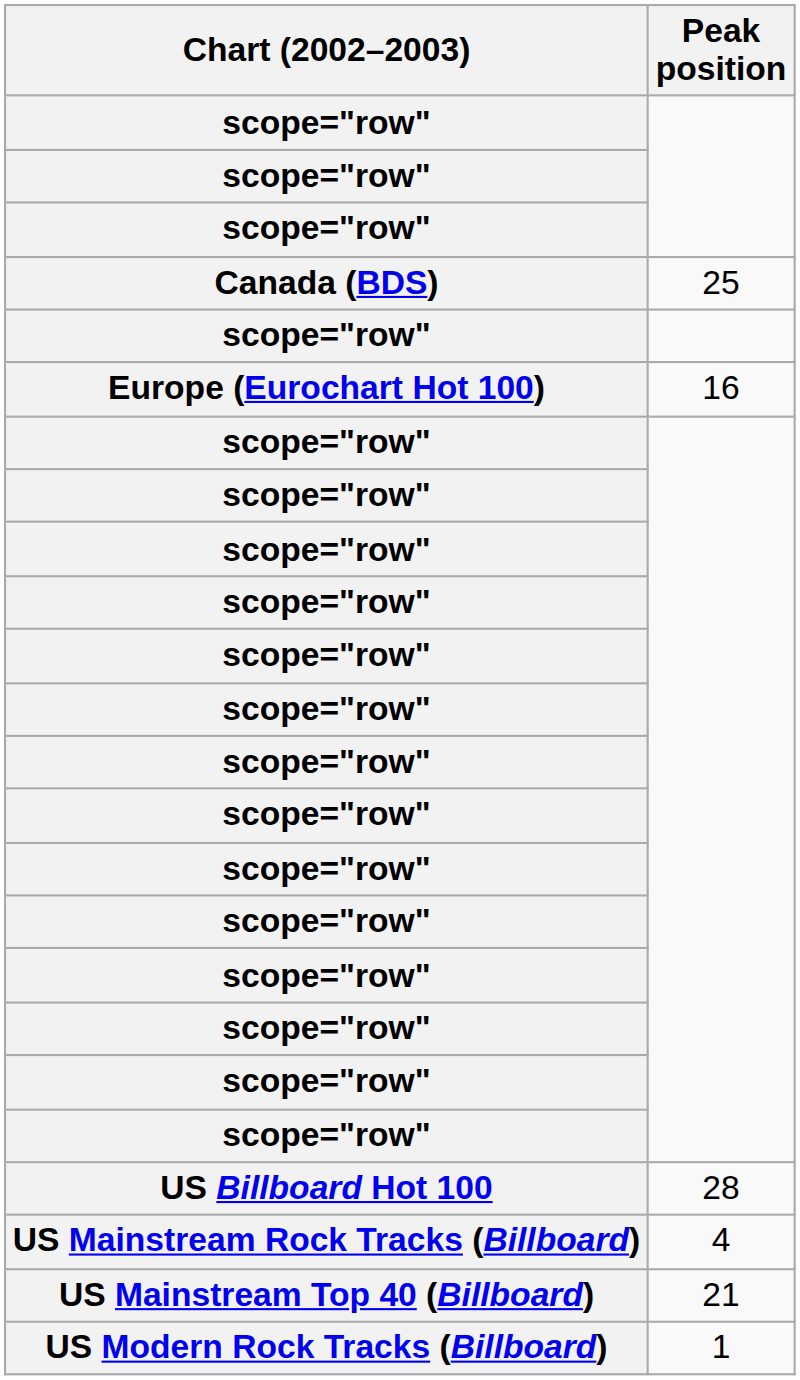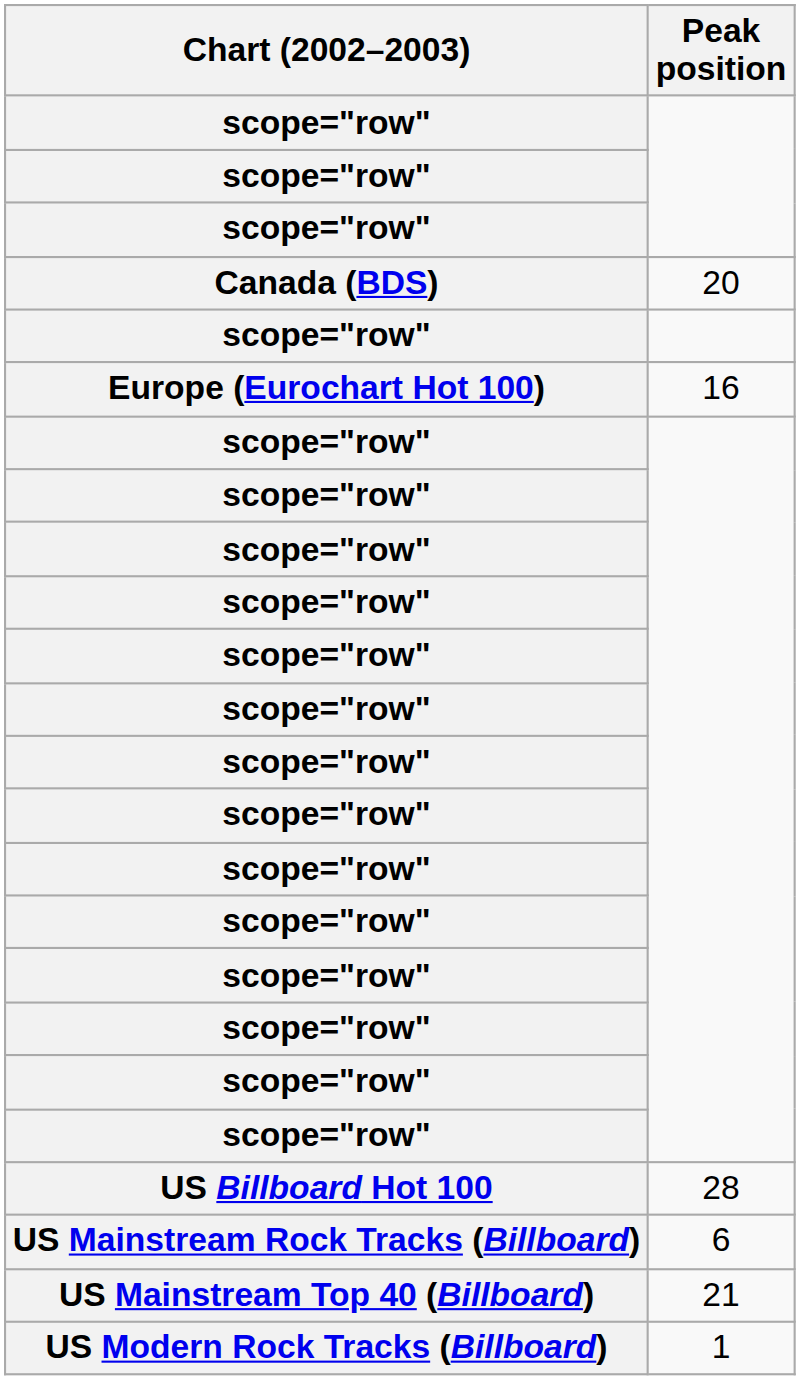 <table class="wikitable sortable plainrowheaders" style="text-align:center">
 <tr>
 <th scope="col">Chart (2002–2003)</th>
 <th scope="col">Peak<br>position</th>
 </tr>
 <tr>
 <th>scope="row"</th>
 </tr>
 <tr>
 <th>scope="row"</th>
 </tr>
 <tr>
 <th>scope="row"</th>
 </tr>
 <tr>
 <th scope="row">Canada (<a href='#'>BDS</a>)</th>
-<td>25</td>
+<td>20</td>
 </tr>
 <tr>
 <th>scope="row"</th>
 </tr>
 <tr>
 <th scope="row">Europe (<a href='#'>Eurochart Hot 100</a>)</th>
 <td>16</td>
 </tr>
 <tr>
 <th>scope="row"</th>
 </tr>
 <tr>
 <th>scope="row"</th>
 </tr>
 <tr>
 <th>scope="row"</th>
 </tr>
 <tr>
 <th>scope="row"</th>
 </tr>
 <tr>
 <th>scope="row"</th>
 </tr>
 <tr>
 <th>scope="row"</th>
 </tr>
 <tr>
 <th>scope="row"</th>
 </tr>
 <tr>
 <th>scope="row"</th>
 </tr>
 <tr>
 <th>scope="row"</th>
 </tr>
 <tr>
 <th>scope="row"</th>
 </tr>
 <tr>
 <th>scope="row"</th>
 </tr>
 <tr>
 <th>scope="row"</th>
 </tr>
 <tr>
 <th>scope="row"</th>
 </tr>
 <tr>
 <th>scope="row"</th>
 </tr>
 <tr>
 <th scope="row">US <a href='#'><em>Billboard</em> Hot 100</a></th>
 <td>28</td>
 </tr>
 <tr>
 <th scope="row">US <a href='#'>Mainstream Rock Tracks</a> (<em><a href='#'>Billboard</a></em>)</th>
-<td>4</td>
+<td>6</td>
 </tr>
 <tr>
 <th scope="row">US <a href='#'>Mainstream Top 40</a> (<em><a href='#'>Billboard</a></em>)</th>
 <td>21</td>
 </tr>
 <tr>
 <th scope="row">US <a href='#'>Modern Rock Tracks</a> (<em><a href='#'>Billboard</a></em>)</th>
 <td>1</td>
 </tr>
 </table>
